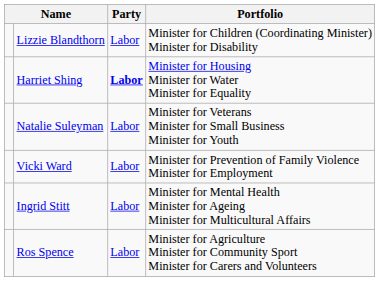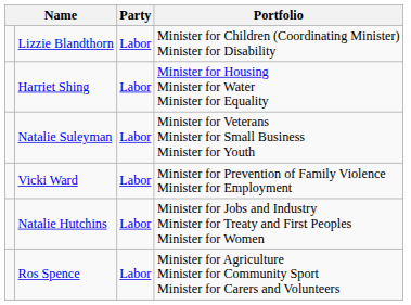 <table class="wikitable">
 <tr>
 <th colspan="2">Name</th>
 <th>Party</th>
 <th>Portfolio</th>
 </tr>
 <tr>
 <td width=5px style="color:inherit;background:"></td>
 <td><a href='#'>Lizzie Blandthorn</a></td>
 <td><a href='#'>Labor</a></td>
 <td>Minister for Children (Coordinating Minister)<br>Minister for Disability</td>
 </tr>
 <tr>
 <td width=5px style="color:inherit;background:"></td>
 <td><a href='#'>Harriet Shing</a></td>
-<td><strong><a href='#'>Labor</a></strong></td>
+<td><a href='#'>Labor</a></td>
 <td><a href='#'>Minister for Housing</a><br>Minister for Water<br>Minister for Equality</td>
 </tr>
 <tr>
 <td width=5px style="color:inherit;background:"></td>
 <td><a href='#'>Natalie Suleyman</a></td>
 <td><a href='#'>Labor</a></td>
 <td>Minister for Veterans<br>Minister for Small Business<br>Minister for Youth</td>
 </tr>
 <tr>
 <td width=5px style="color:inherit;background:"></td>
 <td><a href='#'>Vicki Ward</a></td>
 <td><a href='#'>Labor</a></td>
 <td>Minister for Prevention of Family Violence<br>Minister for Employment</td>
 </tr>
 <tr>
 <td width=5px style="color:inherit;background:"></td>
-<td><a href='#'>Ingrid Stitt</a></td>
+<td><a href='#'>Natalie Hutchins</a></td>
 <td><a href='#'>Labor</a></td>
-<td>Minister for Mental Health<br>Minister for Ageing<br>Minister for Multicultural Affairs</td>
+<td>Minister for Jobs and Industry<br>Minister for Treaty and First Peoples<br>Minister for Women</td>
 </tr>
 <tr>
 <td width=5px style="color:inherit;background:"></td>
 <td><a href='#'>Ros Spence</a></td>
 <td><a href='#'>Labor</a></td>
 <td>Minister for Agriculture<br>Minister for Community Sport<br>Minister for Carers and Volunteers</td>
 </tr>
 </table>
